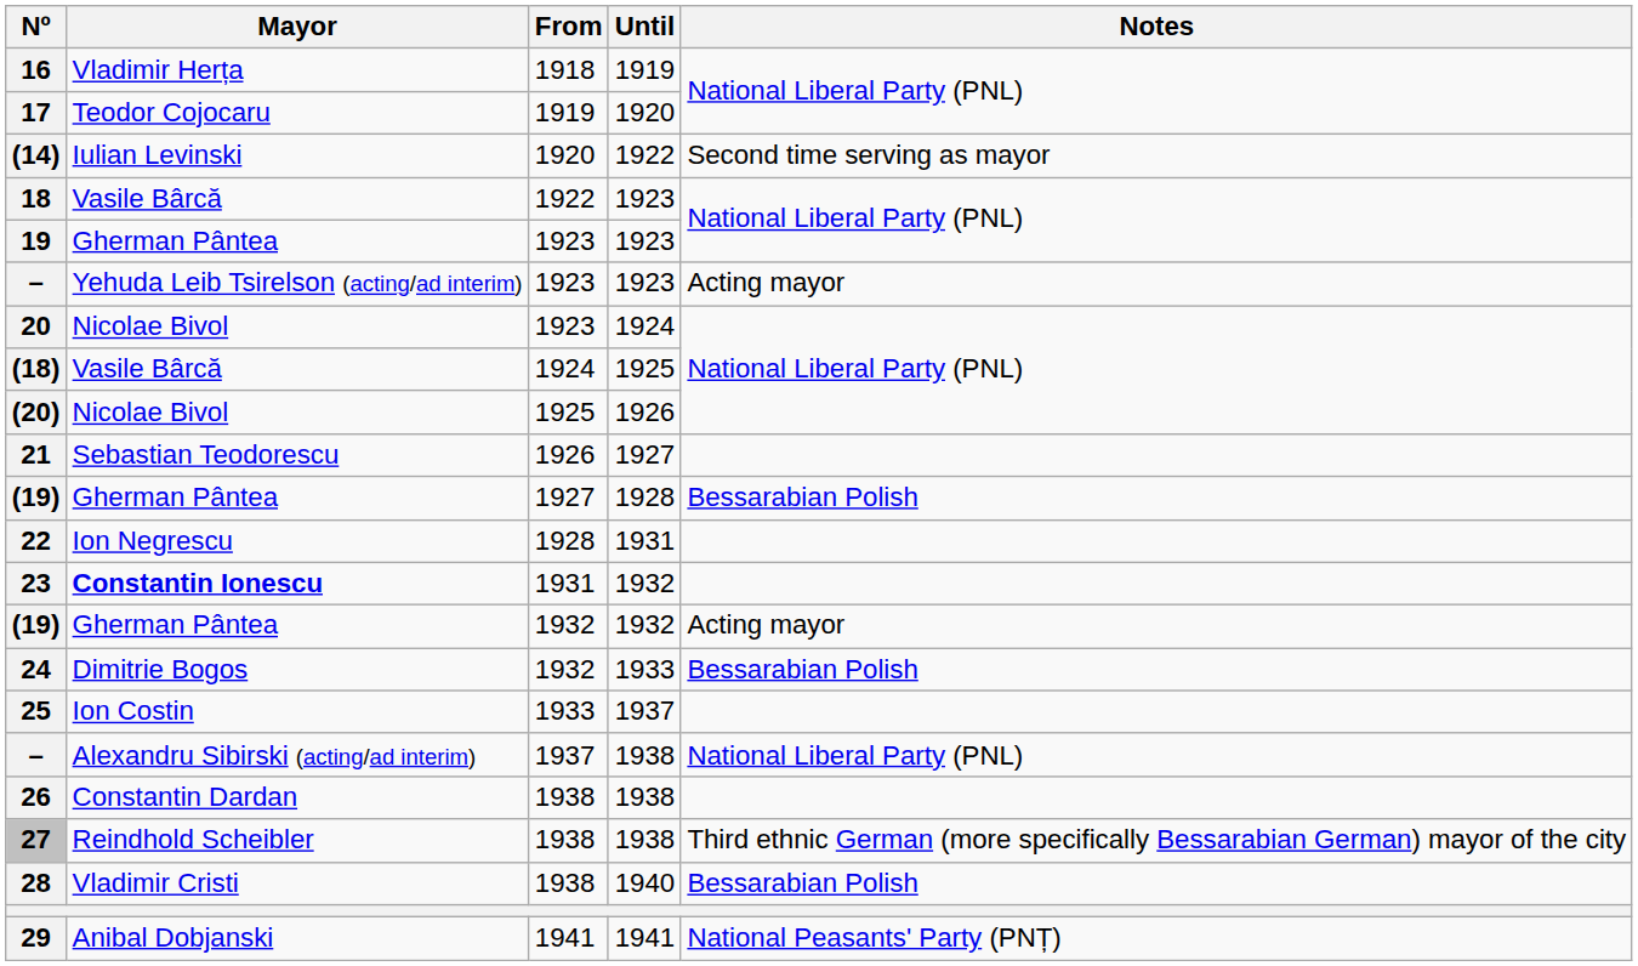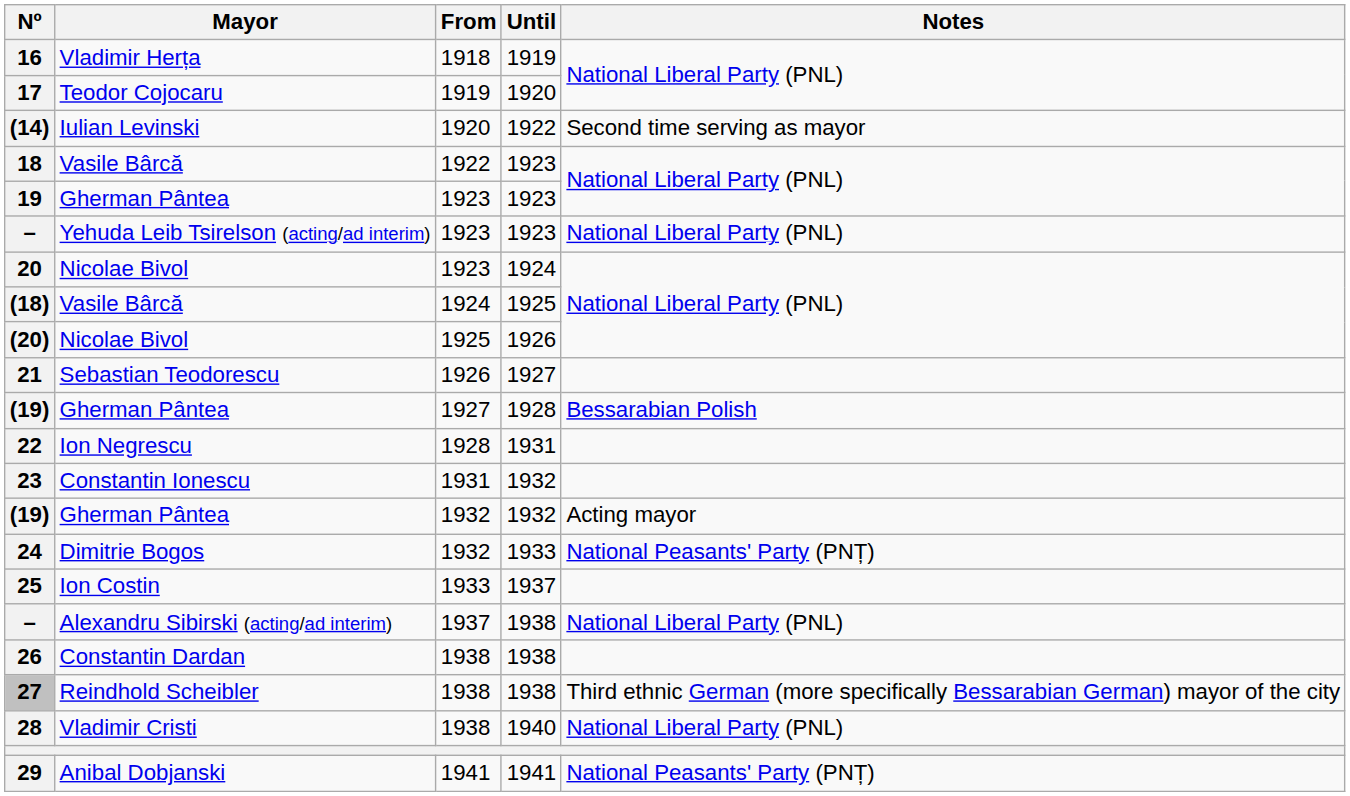 <table class="wikitable">
 <tr>
 <th>Nº</th>
 <th>Mayor</th>
 <th>From</th>
 <th>Until</th>
 <th>Notes</th>
 </tr>
 <tr>
 <th style="background:">16</th>
 <td><a href='#'>Vladimir Herța</a></td>
 <td>1918</td>
 <td>1919</td>
 <td rowspan=2><a href='#'>National Liberal Party</a> (PNL)</td>
 </tr>
 <tr>
 <th style="background:">17</th>
 <td><a href='#'>Teodor Cojocaru</a></td>
 <td>1919</td>
 <td>1920</td>
 </tr>
 <tr>
 <th>(14)</th>
 <td><a href='#'>Iulian Levinski</a></td>
 <td>1920</td>
 <td>1922</td>
 <td>Second time serving as mayor</td>
 </tr>
 <tr>
 <th style="background:">18</th>
 <td><a href='#'>Vasile Bârcă</a></td>
 <td>1922</td>
 <td>1923</td>
 <td rowspan=2><a href='#'>National Liberal Party</a> (PNL)</td>
 </tr>
 <tr>
 <th style="background:">19</th>
 <td><a href='#'>Gherman Pântea</a></td>
 <td>1923</td>
 <td>1923</td>
 </tr>
 <tr>
 <th>–</th>
 <td><a href='#'>Yehuda Leib Tsirelson</a> <small>(<a href='#'>acting</a>/<a href='#'>ad interim</a>)</small></td>
 <td>1923</td>
 <td>1923</td>
-<td>Acting mayor</td>
+<td><a href='#'>National Liberal Party</a> (PNL)</td>
 </tr>
 <tr>
 <th style="background:">20</th>
 <td><a href='#'>Nicolae Bivol</a></td>
 <td>1923</td>
 <td>1924</td>
 <td rowspan=3><a href='#'>National Liberal Party</a> (PNL)</td>
 </tr>
 <tr>
 <th style="background:">(18)</th>
 <td><a href='#'>Vasile Bârcă</a></td>
 <td>1924</td>
 <td>1925</td>
 </tr>
 <tr>
 <th style="background:">(20)</th>
 <td><a href='#'>Nicolae Bivol</a></td>
 <td>1925</td>
 <td>1926</td>
 </tr>
 <tr>
 <th>21</th>
 <td><a href='#'>Sebastian Teodorescu</a></td>
 <td>1926</td>
 <td>1927</td>
 <td></td>
 </tr>
 <tr>
 <th style="background:">(19)</th>
 <td><a href='#'>Gherman Pântea</a></td>
 <td>1927</td>
 <td>1928</td>
 <td><a href='#'>Bessarabian Polish</a></td>
 </tr>
 <tr>
 <th>22</th>
 <td><a href='#'>Ion Negrescu</a></td>
 <td>1928</td>
 <td>1931</td>
 <td></td>
 </tr>
 <tr>
 <th>23</th>
-<td><strong><a href='#'>Constantin Ionescu</a></strong></td>
+<td><a href='#'>Constantin Ionescu</a></td>
 <td>1931</td>
 <td>1932</td>
 <td></td>
 </tr>
 <tr>
 <th style="background:">(19)</th>
 <td><a href='#'>Gherman Pântea</a></td>
 <td>1932</td>
 <td>1932</td>
 <td>Acting mayor</td>
 </tr>
 <tr>
 <th style="background:">24</th>
 <td><a href='#'>Dimitrie Bogos</a></td>
 <td>1932</td>
 <td>1933</td>
-<td><a href='#'>Bessarabian Polish</a></td>
+<td><a href='#'>National Peasants' Party</a> (PNȚ)</td>
 </tr>
 <tr>
 <th>25</th>
 <td><a href='#'>Ion Costin</a></td>
 <td>1933</td>
 <td>1937</td>
 <td></td>
 </tr>
 <tr>
 <th>–</th>
 <td><a href='#'>Alexandru Sibirski</a> <small>(<a href='#'>acting</a>/<a href='#'>ad interim</a>)</small></td>
 <td>1937</td>
 <td>1938</td>
 <td><a href='#'>National Liberal Party</a> (PNL)</td>
 </tr>
 <tr>
 <th>26</th>
 <td><a href='#'>Constantin Dardan</a></td>
 <td>1938</td>
 <td>1938</td>
 <td></td>
 </tr>
 <tr>
 <th style="background:silver">27</th>
 <td><a href='#'>Reindhold Scheibler</a></td>
 <td>1938</td>
 <td>1938</td>
 <td>Third ethnic <a href='#'>German</a> (more specifically <a href='#'>Bessarabian German</a>) mayor of the city</td>
 </tr>
 <tr>
 <th style="background:">28</th>
 <td><a href='#'>Vladimir Cristi</a></td>
 <td>1938</td>
 <td>1940</td>
-<td><a href='#'>Bessarabian Polish</a></td>
+<td><a href='#'>National Liberal Party</a> (PNL)</td>
 </tr>
 <tr>
 <th colspan=6></th>
 </tr>
 <tr>
 <th>29</th>
 <td><a href='#'>Anibal Dobjanski</a></td>
 <td>1941</td>
 <td>1941</td>
 <td><a href='#'>National Peasants' Party</a> (PNȚ)</td>
 </tr>
 </table>
